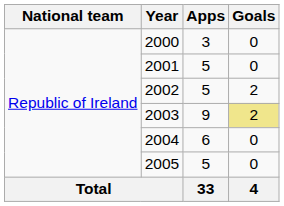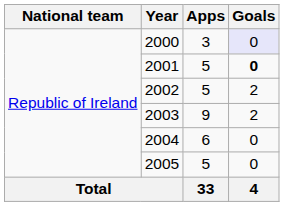 <table class="wikitable" style="text-align:center">
 <tr>
 <th>National team</th>
 <th>Year</th>
 <th>Apps</th>
 <th>Goals</th>
 </tr>
 <tr>
 <td rowspan="6"><a href='#'>Republic of Ireland</a></td>
 <td>2000</td>
 <td>3</td>
-<td>0</td>
+<td style="background: lavender;">0</td>
 </tr>
 <tr>
 <td>2001</td>
 <td>5</td>
-<td>0</td>
+<td><strong>0</strong></td>
 </tr>
 <tr>
 <td>2002</td>
 <td>5</td>
 <td>2</td>
 </tr>
 <tr>
 <td>2003</td>
 <td>9</td>
-<td style="background: khaki;">2</td>
+<td>2</td>
 </tr>
 <tr>
 <td>2004</td>
 <td>6</td>
 <td>0</td>
 </tr>
 <tr>
 <td>2005</td>
 <td>5</td>
 <td>0</td>
 </tr>
 <tr>
 <th colspan="2">Total</th>
 <th>33</th>
 <th>4</th>
 </tr>
 </table>
